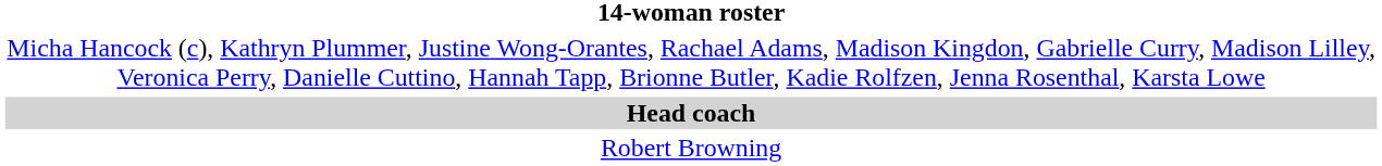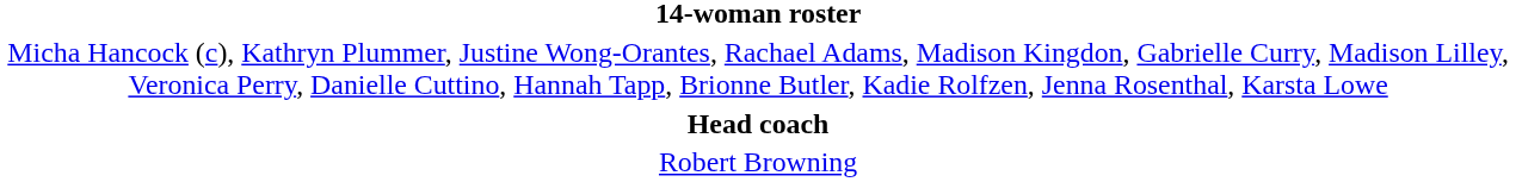 <table style="text-align: center; margin-top: 2em; margin-left: auto; margin-right: auto;">
 <tr>
 <th>14-woman roster</th>
 </tr>
 <tr>
 <td><a href='#'>Micha Hancock</a> (<a href='#'>c</a>), <a href='#'>Kathryn Plummer</a>, <a href='#'>Justine Wong-Orantes</a>, <a href='#'>Rachael Adams</a>, <a href='#'>Madison Kingdon</a>, <a href='#'>Gabrielle Curry</a>, <a href='#'>Madison Lilley</a>,<br> <a href='#'>Veronica Perry</a>, <a href='#'>Danielle Cuttino</a>, <a href='#'>Hannah Tapp</a>, <a href='#'>Brionne Butler</a>, <a href='#'>Kadie Rolfzen</a>, <a href='#'>Jenna Rosenthal</a>, <a href='#'>Karsta Lowe</a></td>
 </tr>
 <tr>
-<td style="background: lightgrey;"><strong>Head coach</strong></td>
+<td><strong>Head coach</strong></td>
 </tr>
 <tr>
 <td><a href='#'>Robert Browning</a></td>
 </tr>
 </table>
